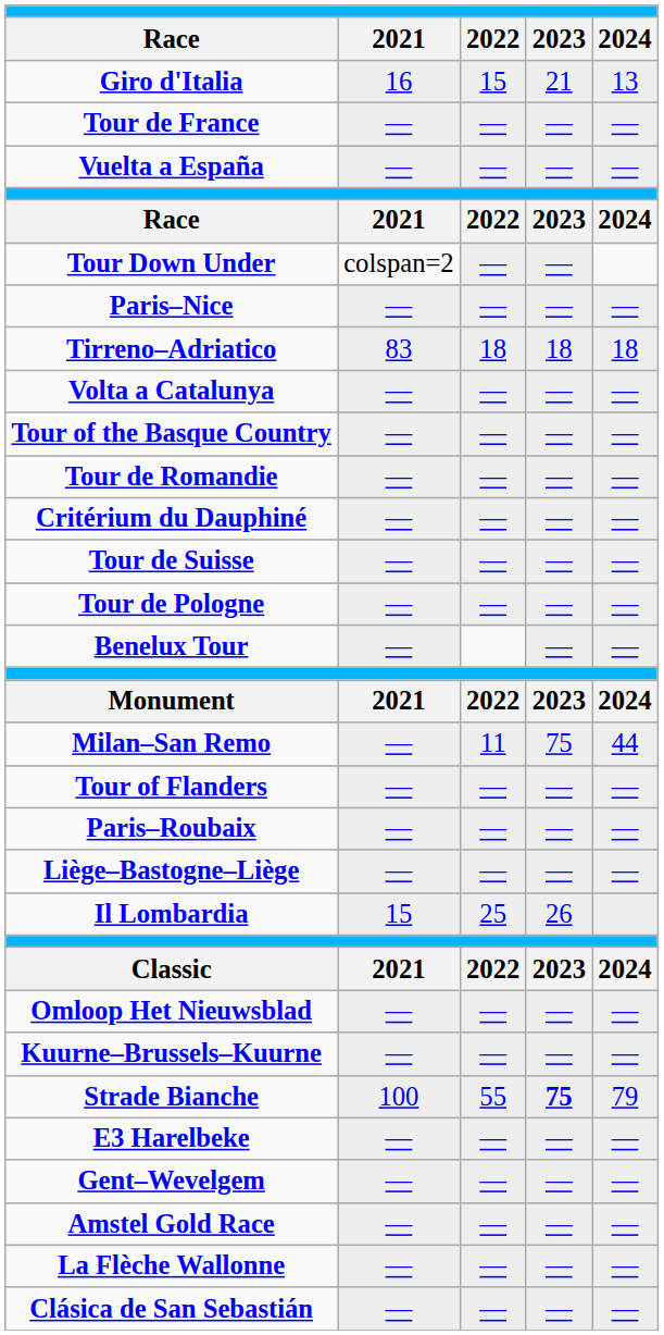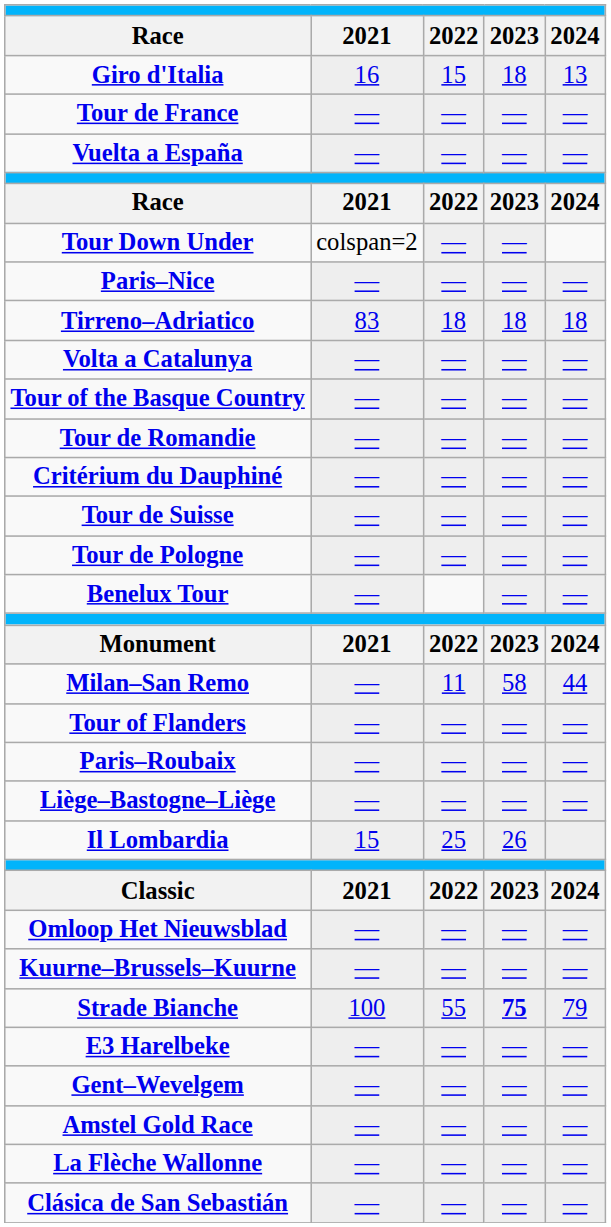 <table class="wikitable">
 <tr style="background:#eee;">
 <td style="background:#01b4fb;" colspan=25><strong></strong></td>
 </tr>
 <tr>
 <th>Race</th>
 <th>2021</th>
 <th>2022</th>
 <th>2023</th>
 <th>2024</th>
 </tr>
 <tr align="center">
 <td><strong><a href='#'>Giro d'Italia</a></strong></td>
 <td style="background:#eee;"><a href='#'>16</a></td>
 <td style="background:#eee;"><a href='#'>15</a></td>
-<td style="background:#eee;"><a href='#'>21</a></td>
+<td style="background:#eee;"><a href='#'>18</a></td>
 <td style="background:#eee;"><a href='#'>13</a></td>
 </tr>
 <tr align="center">
 <td><strong><a href='#'>Tour de France</a></strong></td>
 <td style="background:#eee;"><a href='#'>—</a></td>
 <td style="background:#eee;"><a href='#'>—</a></td>
 <td style="background:#eee;"><a href='#'>—</a></td>
 <td style="background:#eee;"><a href='#'>—</a></td>
 </tr>
 <tr align="center">
 <td><strong><a href='#'>Vuelta a España</a></strong></td>
 <td style="background:#eee;"><a href='#'>—</a></td>
 <td style="background:#eee;"><a href='#'>—</a></td>
 <td style="background:#eee;"><a href='#'>—</a></td>
 <td style="background:#eee;"><a href='#'>—</a></td>
 </tr>
 <tr>
 <td style="background:#01b4fb;" colspan=25><strong></strong></td>
 </tr>
 <tr>
 <th>Race</th>
 <th>2021</th>
 <th>2022</th>
 <th>2023</th>
 <th>2024</th>
 </tr>
 <tr align="center">
 <td><strong><a href='#'>Tour Down Under</a></strong></td>
 <td>colspan=2 </td>
 <td style="background:#eee;"><a href='#'>—</a></td>
 <td style="background:#eee;"><a href='#'>—</a></td>
 </tr>
 <tr align="center">
 <td><strong><a href='#'>Paris–Nice</a></strong></td>
 <td style="background:#eee;"><a href='#'>—</a></td>
 <td style="background:#eee;"><a href='#'>—</a></td>
 <td style="background:#eee;"><a href='#'>—</a></td>
 <td style="background:#eee;"><a href='#'>—</a></td>
 </tr>
 <tr align="center">
 <td><strong><a href='#'>Tirreno–Adriatico</a></strong></td>
 <td style="background:#eee;"><a href='#'>83</a></td>
 <td style="background:#eee;"><a href='#'>18</a></td>
 <td style="background:#eee;"><a href='#'>18</a></td>
 <td style="background:#eee;"><a href='#'>18</a></td>
 </tr>
 <tr align="center">
 <td><strong><a href='#'>Volta a Catalunya</a></strong></td>
 <td style="background:#eee;"><a href='#'>—</a></td>
 <td style="background:#eee;"><a href='#'>—</a></td>
 <td style="background:#eee;"><a href='#'>—</a></td>
 <td style="background:#eee;"><a href='#'>—</a></td>
 </tr>
 <tr align="center">
 <td><strong><a href='#'>Tour of the Basque Country</a></strong></td>
 <td style="background:#eee;"><a href='#'>—</a></td>
 <td style="background:#eee;"><a href='#'>—</a></td>
 <td style="background:#eee;"><a href='#'>—</a></td>
 <td style="background:#eee;"><a href='#'>—</a></td>
 </tr>
 <tr align="center">
 <td><strong><a href='#'>Tour de Romandie</a></strong></td>
 <td style="background:#eee;"><a href='#'>—</a></td>
 <td style="background:#eee;"><a href='#'>—</a></td>
 <td style="background:#eee;"><a href='#'>—</a></td>
 <td style="background:#eee;"><a href='#'>—</a></td>
 </tr>
 <tr align="center">
 <td><strong><a href='#'>Critérium du Dauphiné</a></strong></td>
 <td style="background:#eee;"><a href='#'>—</a></td>
 <td style="background:#eee;"><a href='#'>—</a></td>
 <td style="background:#eee;"><a href='#'>—</a></td>
 <td style="background:#eee;"><a href='#'>—</a></td>
 </tr>
 <tr align="center">
 <td><strong><a href='#'>Tour de Suisse</a></strong></td>
 <td style="background:#eee;"><a href='#'>—</a></td>
 <td style="background:#eee;"><a href='#'>—</a></td>
 <td style="background:#eee;"><a href='#'>—</a></td>
 <td style="background:#eee;"><a href='#'>—</a></td>
 </tr>
 <tr align="center">
 <td><strong><a href='#'>Tour de Pologne</a></strong></td>
 <td style="background:#eee;"><a href='#'>—</a></td>
 <td style="background:#eee;"><a href='#'>—</a></td>
 <td style="background:#eee;"><a href='#'>—</a></td>
 <td style="background:#eee;"><a href='#'>—</a></td>
 </tr>
 <tr align="center">
 <td><strong><a href='#'>Benelux Tour</a></strong></td>
 <td style="background:#eee;"><a href='#'>—</a></td>
 <td></td>
 <td style="background:#eee;"><a href='#'>—</a></td>
 <td style="background:#eee;"><a href='#'>—</a></td>
 </tr>
 <tr>
 <td style="background:#01b4fb;" colspan=25><strong></strong></td>
 </tr>
 <tr>
 <th>Monument</th>
 <th>2021</th>
 <th>2022</th>
 <th>2023</th>
 <th>2024</th>
 </tr>
 <tr align="center">
 <td><strong><a href='#'>Milan–San Remo</a></strong></td>
 <td style="background:#eee;"><a href='#'>—</a></td>
 <td style="background:#eee;"><a href='#'>11</a></td>
-<td style="background:#eee;"><a href='#'>75</a></td>
+<td style="background:#eee;"><a href='#'>58</a></td>
 <td style="background:#eee;"><a href='#'>44</a></td>
 </tr>
 <tr align="center">
 <td><strong><a href='#'>Tour of Flanders</a></strong></td>
 <td style="background:#eee;"><a href='#'>—</a></td>
 <td style="background:#eee;"><a href='#'>—</a></td>
 <td style="background:#eee;"><a href='#'>—</a></td>
 <td style="background:#eee;"><a href='#'>—</a></td>
 </tr>
 <tr align="center">
 <td><strong><a href='#'>Paris–Roubaix</a></strong></td>
 <td style="background:#eee;"><a href='#'>—</a></td>
 <td style="background:#eee;"><a href='#'>—</a></td>
 <td style="background:#eee;"><a href='#'>—</a></td>
 <td style="background:#eee;"><a href='#'>—</a></td>
 </tr>
 <tr align="center">
 <td><strong><a href='#'>Liège–Bastogne–Liège</a></strong></td>
 <td style="background:#eee;"><a href='#'>—</a></td>
 <td style="background:#eee;"><a href='#'>—</a></td>
 <td style="background:#eee;"><a href='#'>—</a></td>
 <td style="background:#eee;"><a href='#'>—</a></td>
 </tr>
 <tr align="center">
 <td><strong><a href='#'>Il Lombardia</a></strong></td>
 <td style="background:#eee;"><a href='#'>15</a></td>
 <td style="background:#eee;"><a href='#'>25</a></td>
 <td style="background:#eee;"><a href='#'>26</a></td>
 <td style="background:#eee;"><a href='#'></a></td>
 </tr>
 <tr>
 <td style="background:#01b4fb;" colspan=25><strong></strong></td>
 </tr>
 <tr>
 <th>Classic</th>
 <th>2021</th>
 <th>2022</th>
 <th>2023</th>
 <th>2024</th>
 </tr>
 <tr align="center">
 <td><strong><a href='#'>Omloop Het Nieuwsblad</a></strong></td>
 <td style="background:#eee;"><a href='#'>—</a></td>
 <td style="background:#eee;"><a href='#'>—</a></td>
 <td style="background:#eee;"><a href='#'>—</a></td>
 <td style="background:#eee;"><a href='#'>—</a></td>
 </tr>
 <tr align="center">
 <td><strong><a href='#'>Kuurne–Brussels–Kuurne</a></strong></td>
 <td style="background:#eee;"><a href='#'>—</a></td>
 <td style="background:#eee;"><a href='#'>—</a></td>
 <td style="background:#eee;"><a href='#'>—</a></td>
 <td style="background:#eee;"><a href='#'>—</a></td>
 </tr>
 <tr align="center">
 <td><strong><a href='#'>Strade Bianche</a></strong></td>
 <td style="background:#eee;"><a href='#'>100</a></td>
 <td style="background:#eee;"><a href='#'>55</a></td>
 <td style="background:#eee;"><strong><a href='#'>75</a></strong></td>
 <td style="background:#eee;"><a href='#'>79</a></td>
 </tr>
 <tr align="center">
 <td><strong><a href='#'>E3 Harelbeke</a></strong></td>
 <td style="background:#eee;"><a href='#'>—</a></td>
 <td style="background:#eee;"><a href='#'>—</a></td>
 <td style="background:#eee;"><a href='#'>—</a></td>
 <td style="background:#eee;"><a href='#'>—</a></td>
 </tr>
 <tr align="center">
 <td><strong><a href='#'>Gent–Wevelgem</a></strong></td>
 <td style="background:#eee;"><a href='#'>—</a></td>
 <td style="background:#eee;"><a href='#'>—</a></td>
 <td style="background:#eee;"><a href='#'>—</a></td>
 <td style="background:#eee;"><a href='#'>—</a></td>
 </tr>
 <tr align="center">
 <td><strong><a href='#'>Amstel Gold Race</a></strong></td>
 <td style="background:#eee;"><a href='#'>—</a></td>
 <td style="background:#eee;"><a href='#'>—</a></td>
 <td style="background:#eee;"><a href='#'>—</a></td>
 <td style="background:#eee;"><a href='#'>—</a></td>
 </tr>
 <tr align="center">
 <td><strong><a href='#'>La Flèche Wallonne</a></strong></td>
 <td style="background:#eee;"><a href='#'>—</a></td>
 <td style="background:#eee;"><a href='#'>—</a></td>
 <td style="background:#eee;"><a href='#'>—</a></td>
 <td style="background:#eee;"><a href='#'>—</a></td>
 </tr>
 <tr align="center">
 <td><strong><a href='#'>Clásica de San Sebastián</a></strong></td>
 <td style="background:#eee;"><a href='#'>—</a></td>
 <td style="background:#eee;"><a href='#'>—</a></td>
 <td style="background:#eee;"><a href='#'>—</a></td>
 <td style="background:#eee;"><a href='#'>—</a></td>
 </tr>
 </table>
